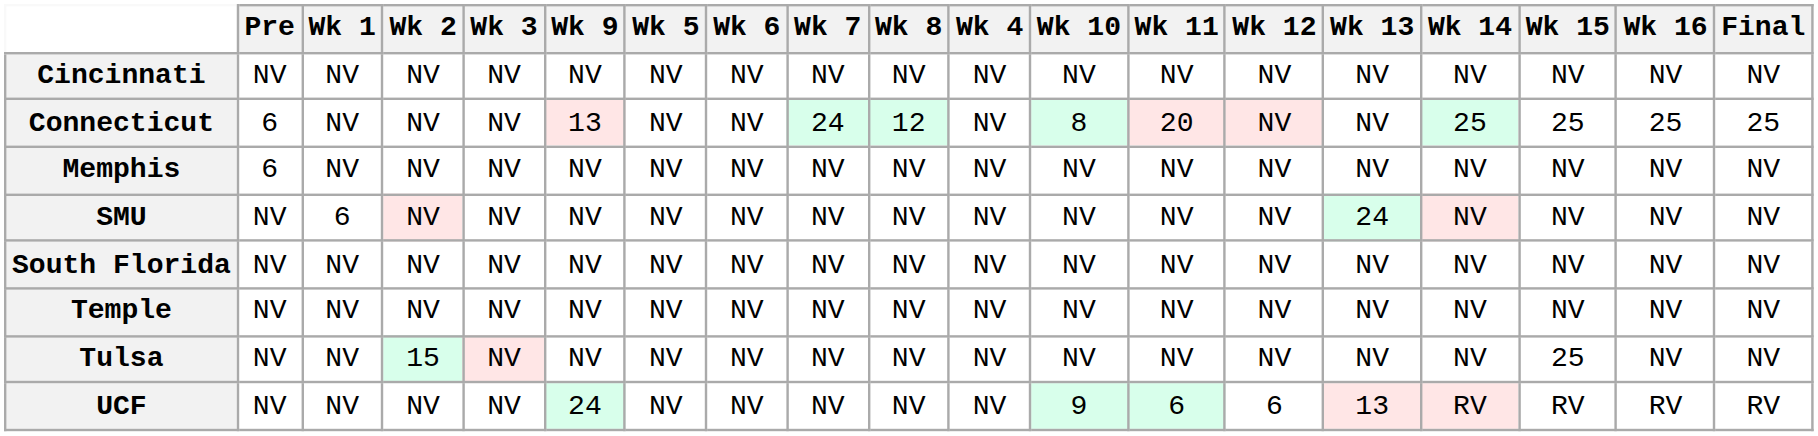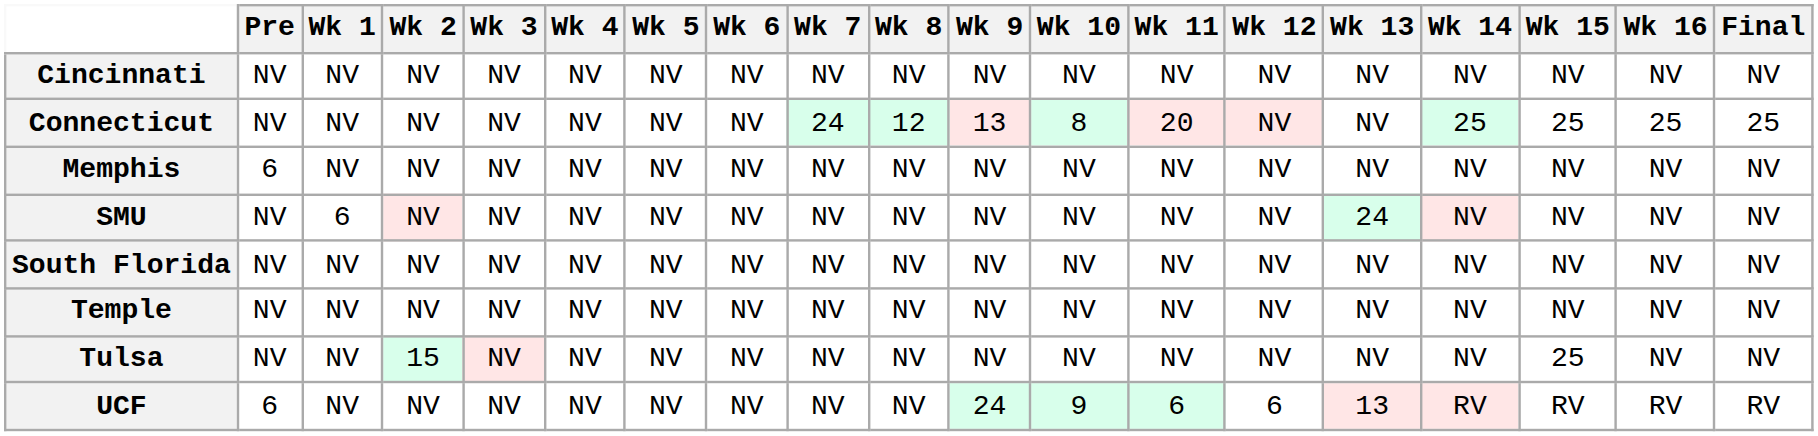 <table class="wikitable" style="white-space:nowrap;font-size:90%;">
 <tr>
 <th colspan=1 style="background:white; border-top-style:hidden; border-left-style:hidden;"> </th>
 <th>Pre <br></th>
 <th>Wk 1 <br></th>
 <th>Wk 2 <br></th>
 <th>Wk 3 <br></th>
-<th>Wk 9 <br></th>
+<th>Wk 4 <br></th>
 <th>Wk 5 <br></th>
 <th>Wk 6 <br></th>
 <th>Wk 7 <br></th>
 <th>Wk 8 <br></th>
-<th>Wk 4 <br></th>
+<th>Wk 9 <br></th>
 <th>Wk 10 <br></th>
 <th>Wk 11 <br></th>
 <th>Wk 12 <br></th>
 <th>Wk 13 <br></th>
 <th>Wk 14 <br></th>
 <th>Wk 15 <br></th>
 <th>Wk 16 <br></th>
 <th>Final</th>
 </tr>
 <tr style="text-align:center;">
 <th>Cincinnati</th>
 <td style="background:#FFF;">NV</td>
 <td style="background:#FFF;">NV</td>
 <td style="background:#FFF;">NV</td>
 <td style="background:#FFF;">NV</td>
 <td style="background:#FFF;">NV</td>
 <td style="background:#FFF;">NV</td>
 <td style="background:#FFF;">NV</td>
 <td style="background:#FFF;">NV</td>
 <td style="background:#FFF;">NV</td>
 <td style="background:#FFF;">NV</td>
 <td style="background:#FFF;">NV</td>
 <td style="background:#FFF;">NV</td>
 <td style="background:#FFF;">NV</td>
 <td style="background:#FFF;">NV</td>
 <td style="background:#FFF;">NV</td>
 <td style="background:#FFF;">NV</td>
 <td style="background:#FFF;">NV</td>
 <td style="background:#FFF;">NV</td>
 </tr>
 <tr style="text-align:center;">
 <th>Connecticut</th>
-<td style="background:#FFF;">6</td>
 <td style="background:#FFF;">NV</td>
 <td style="background:#FFF;">NV</td>
 <td style="background:#FFF;">NV</td>
-<td style="background:#ffe6e6;">13</td>
+<td style="background:#FFF;">NV</td>
+<td style="background:#FFF;">NV</td>
 <td style="background:#FFF;">NV</td>
 <td style="background:#FFF;">NV</td>
 <td style="background:#d8ffeb;">24</td>
 <td style="background:#d8ffeb;">12</td>
-<td style="background:#FFF;">NV</td>
+<td style="background:#ffe6e6;">13</td>
 <td style="background:#d8ffeb;">8</td>
 <td style="background:#ffe6e6;">20</td>
 <td style="background:#ffe6e6;">NV</td>
 <td style="background:#FFF;">NV</td>
 <td style="background:#d8ffeb;">25</td>
 <td style="background:#FFF;">25</td>
 <td style="background:#FFF;">25</td>
 <td style="background:#FFF;">25</td>
 </tr>
 <tr style="text-align:center;">
 <th>Memphis</th>
 <td style="background:#FFF;">6</td>
 <td style="background:#FFF;">NV</td>
 <td style="background:#FFF;">NV</td>
 <td style="background:#FFF;">NV</td>
 <td style="background:#FFF;">NV</td>
 <td style="background:#FFF;">NV</td>
 <td style="background:#FFF;">NV</td>
 <td style="background:#FFF;">NV</td>
 <td style="background:#FFF;">NV</td>
 <td style="background:#FFF;">NV</td>
 <td style="background:#FFF;">NV</td>
 <td style="background:#FFF;">NV</td>
 <td style="background:#FFF;">NV</td>
 <td style="background:#FFF;">NV</td>
 <td style="background:#FFF;">NV</td>
 <td style="background:#FFF;">NV</td>
 <td style="background:#FFF;">NV</td>
 <td style="background:#FFF;">NV</td>
 </tr>
 <tr style="text-align:center;">
 <th>SMU</th>
 <td style="background:#FFF;">NV</td>
 <td style="background:#FFF;">6</td>
 <td style="background:#ffe6e6;">NV</td>
 <td style="background:#FFF;">NV</td>
 <td style="background:#FFF;">NV</td>
 <td style="background:#FFF;">NV</td>
 <td style="background:#FFF;">NV</td>
 <td style="background:#FFF;">NV</td>
 <td style="background:#FFF;">NV</td>
 <td style="background:#FFF;">NV</td>
 <td style="background:#FFF;">NV</td>
 <td style="background:#FFF;">NV</td>
 <td style="background:#FFF;">NV</td>
 <td style="background:#d8ffeb;">24</td>
 <td style="background:#ffe6e6;">NV</td>
 <td style="background:#FFF;">NV</td>
 <td style="background:#FFF;">NV</td>
 <td style="background:#FFF;">NV</td>
 </tr>
 <tr style="text-align:center;">
 <th>South Florida</th>
 <td style="background:#FFF;">NV</td>
 <td style="background:#FFF;">NV</td>
 <td style="background:#FFF;">NV</td>
 <td style="background:#FFF;">NV</td>
 <td style="background:#FFF;">NV</td>
 <td style="background:#FFF;">NV</td>
 <td style="background:#FFF;">NV</td>
 <td style="background:#FFF;">NV</td>
 <td style="background:#FFF;">NV</td>
 <td style="background:#FFF;">NV</td>
 <td style="background:#FFF;">NV</td>
 <td style="background:#FFF;">NV</td>
 <td style="background:#FFF;">NV</td>
 <td style="background:#FFF;">NV</td>
 <td style="background:#FFF;">NV</td>
 <td style="background:#FFF;">NV</td>
 <td style="background:#FFF;">NV</td>
 <td style="background:#FFF;">NV</td>
 </tr>
 <tr style="text-align:center;">
 <th>Temple</th>
 <td style="background:#FFF;">NV</td>
 <td style="background:#FFF;">NV</td>
 <td style="background:#FFF;">NV</td>
 <td style="background:#FFF;">NV</td>
 <td style="background:#FFF;">NV</td>
 <td style="background:#FFF;">NV</td>
 <td style="background:#FFF;">NV</td>
 <td style="background:#FFF;">NV</td>
 <td style="background:#FFF;">NV</td>
 <td style="background:#FFF;">NV</td>
 <td style="background:#FFF;">NV</td>
 <td style="background:#FFF;">NV</td>
 <td style="background:#FFF;">NV</td>
 <td style="background:#FFF;">NV</td>
 <td style="background:#FFF;">NV</td>
 <td style="background:#FFF;">NV</td>
 <td style="background:#FFF;">NV</td>
 <td style="background:#FFF;">NV</td>
 </tr>
 <tr style="text-align:center;">
 <th>Tulsa</th>
 <td style="background:#FFF;">NV</td>
 <td style="background:#FFF;">NV</td>
 <td style="background:#d8ffeb;">15</td>
 <td style="background:#ffe6e6;">NV</td>
 <td style="background:#FFF;">NV</td>
 <td style="background:#FFF;">NV</td>
 <td style="background:#FFF;">NV</td>
 <td style="background:#FFF;">NV</td>
 <td style="background:#FFF;">NV</td>
 <td style="background:#FFF;">NV</td>
 <td style="background:#FFF;">NV</td>
 <td style="background:#FFF;">NV</td>
 <td style="background:#FFF;">NV</td>
 <td style="background:#FFF;">NV</td>
 <td style="background:#FFF;">NV</td>
 <td style="background:#FFF;">25</td>
 <td style="background:#FFF;">NV</td>
 <td style="background:#FFF;">NV</td>
 </tr>
 <tr style="text-align:center;">
 <th>UCF</th>
+<td style="background:#FFF;">6</td>
+<td style="background:#FFF;">NV</td>
+<td style="background:#FFF;">NV</td>
+<td style="background:#FFF;">NV</td>
+<td style="background:#FFF;">NV</td>
 <td style="background:#FFF;">NV</td>
 <td style="background:#FFF;">NV</td>
 <td style="background:#FFF;">NV</td>
 <td style="background:#FFF;">NV</td>
 <td style="background:#d8ffeb;">24</td>
-<td style="background:#FFF;">NV</td>
-<td style="background:#FFF;">NV</td>
-<td style="background:#FFF;">NV</td>
-<td style="background:#FFF;">NV</td>
-<td style="background:#FFF;">NV</td>
 <td style="background:#d8ffeb;">9</td>
 <td style="background:#d8ffeb;">6</td>
 <td style="background:#FFF;">6</td>
 <td style="background:#ffe6e6;">13</td>
 <td style="background:#ffe6e6;">RV</td>
 <td style="background:#FFF;">RV</td>
 <td style="background:#FFF;">RV</td>
 <td style="background:#FFF;">RV</td>
 </tr>
 </table>
